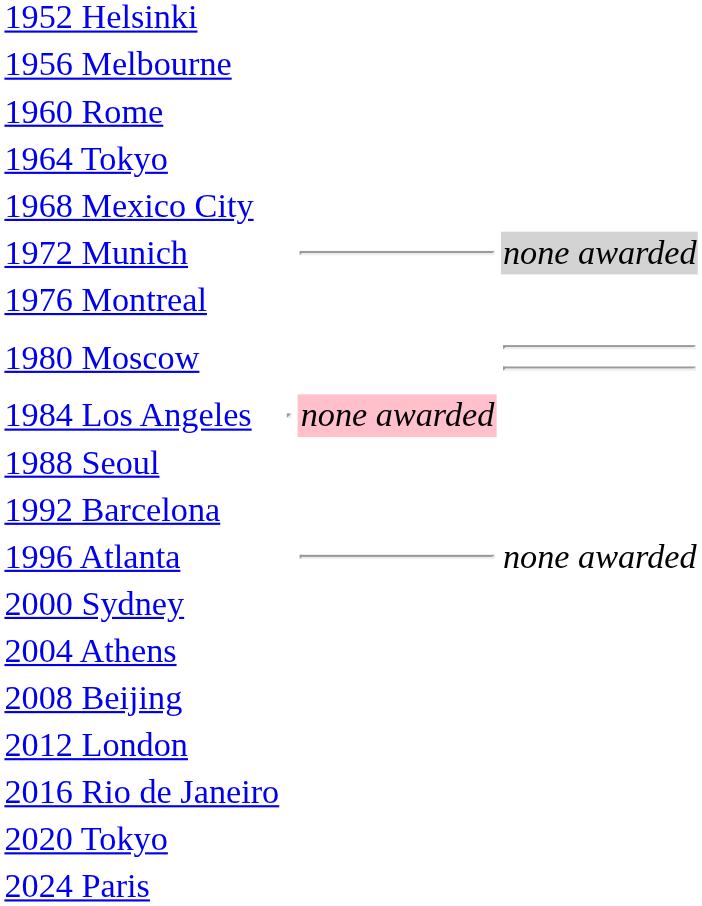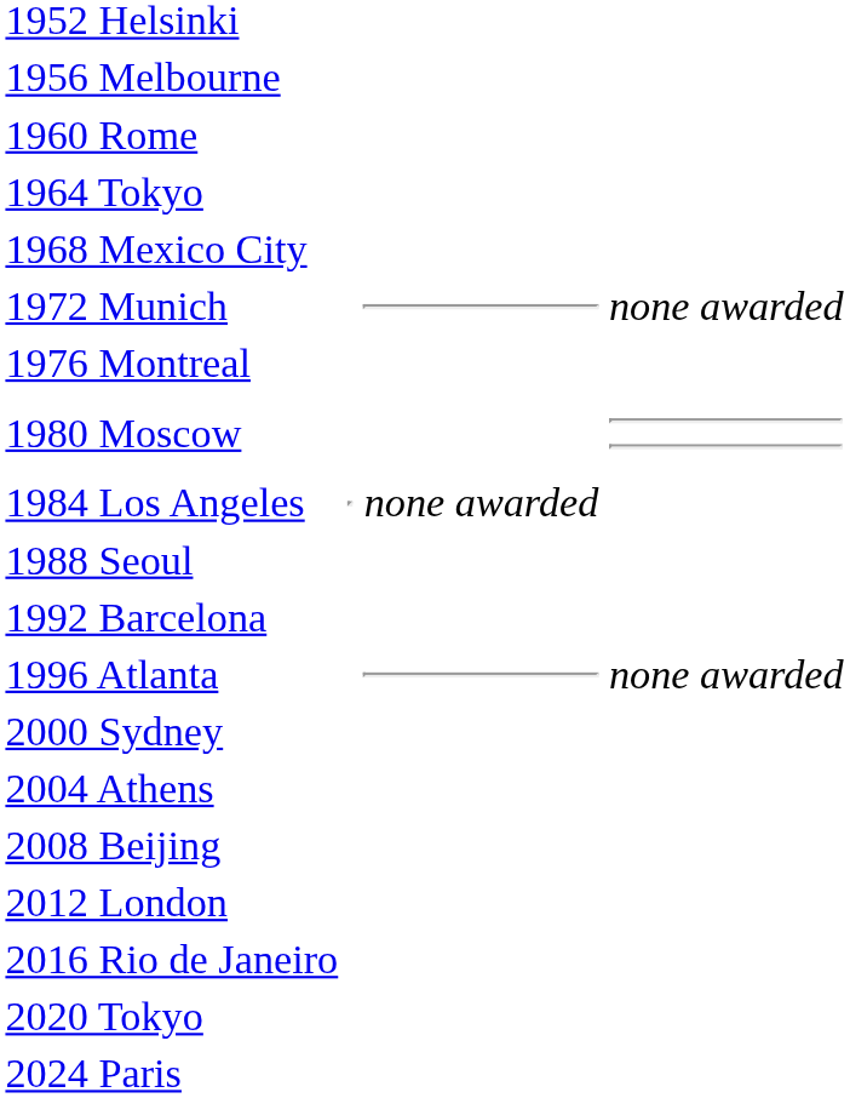 <table>
 <tr>
 <td><a href='#'>1952 Helsinki</a><br></td>
 <td></td>
 <td></td>
 <td></td>
 </tr>
 <tr>
 <td><a href='#'>1956 Melbourne</a><br></td>
 <td></td>
 <td></td>
 <td></td>
 </tr>
 <tr>
 <td><a href='#'>1960 Rome</a><br></td>
 <td></td>
 <td></td>
 <td></td>
 </tr>
 <tr>
 <td><a href='#'>1964 Tokyo</a><br></td>
 <td></td>
 <td></td>
 <td></td>
 </tr>
 <tr>
 <td><a href='#'>1968 Mexico City</a><br></td>
 <td></td>
 <td></td>
 <td></td>
 </tr>
 <tr>
 <td><a href='#'>1972 Munich</a><br></td>
 <td></td>
 <td><hr></td>
-<td align="center" style="background: lightgrey;"><em>none awarded</em></td>
+<td align="center"><em>none awarded</em></td>
 </tr>
 <tr>
 <td><a href='#'>1976 Montreal</a><br></td>
 <td></td>
 <td></td>
 <td></td>
 </tr>
 <tr>
 <td><a href='#'>1980 Moscow</a><br></td>
 <td></td>
 <td></td>
 <td><hr><hr></td>
 </tr>
 <tr>
 <td><a href='#'>1984 Los Angeles</a><br></td>
 <td><hr></td>
-<td align="center" style="background: pink;"><em>none awarded</em></td>
+<td align="center"><em>none awarded</em></td>
 <td></td>
 </tr>
 <tr>
 <td><a href='#'>1988 Seoul</a><br></td>
 <td></td>
 <td></td>
 <td></td>
 </tr>
 <tr>
 <td><a href='#'>1992 Barcelona</a><br></td>
 <td></td>
 <td></td>
 <td></td>
 </tr>
 <tr>
 <td><a href='#'>1996 Atlanta</a><br></td>
 <td></td>
 <td><hr></td>
 <td align="center"><em>none awarded</em></td>
 </tr>
 <tr>
 <td><a href='#'>2000 Sydney</a><br></td>
 <td></td>
 <td></td>
 <td></td>
 </tr>
 <tr>
 <td><a href='#'>2004 Athens</a><br></td>
 <td></td>
 <td></td>
 <td></td>
 </tr>
 <tr>
 <td><a href='#'>2008 Beijing</a><br></td>
 <td></td>
 <td></td>
 <td></td>
 </tr>
 <tr>
 <td><a href='#'>2012 London</a><br></td>
 <td></td>
 <td></td>
 <td></td>
 </tr>
 <tr>
 <td><a href='#'>2016 Rio de Janeiro</a><br></td>
 <td></td>
 <td></td>
 <td></td>
 </tr>
 <tr>
 <td><a href='#'>2020 Tokyo</a><br></td>
 <td></td>
 <td></td>
 <td></td>
 </tr>
 <tr>
 <td><a href='#'>2024 Paris</a><br></td>
 <td></td>
 <td></td>
 <td></td>
 </tr>
 </table>
